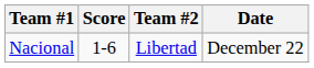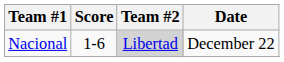 <table class="wikitable" style="text-align:center">
 <tr>
 <th>Team #1</th>
 <th>Score</th>
 <th>Team #2</th>
 <th>Date</th>
 </tr>
 <tr>
 <td><a href='#'>Nacional</a></td>
 <td>1-6</td>
-<td><a href='#'>Libertad</a></td>
+<td style="background: lightgrey;"><a href='#'>Libertad</a></td>
 <td>December 22</td>
 </tr>
 <tr>
 </tr>
 </table>
